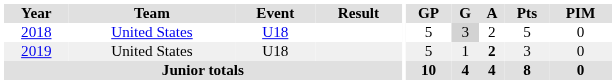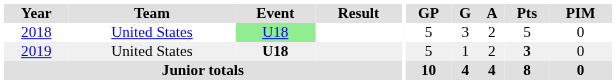 <table border="0" cellpadding="1" cellspacing="0" ID="Table3" style="text-align:center; width:40em">
 <tr ALIGN="center" bgcolor="#e0e0e0">
 <th>Year</th>
 <th>Team</th>
 <th>Event</th>
 <th>Result</th>
 <th rowspan="99" bgcolor="#ffffff"></th>
 <th>GP</th>
 <th>G</th>
 <th>A</th>
 <th>Pts</th>
 <th>PIM</th>
 </tr>
 <tr>
 <td><a href='#'>2018</a></td>
 <td><a href='#'>United States</a></td>
-<td><a href='#'>U18</a></td>
+<td style="background: lightgreen;"><a href='#'>U18</a></td>
 <td></td>
 <td>5</td>
-<td style="background: lightgrey;">3</td>
+<td>3</td>
 <td>2</td>
 <td>5</td>
 <td>0</td>
 </tr>
 <tr bgcolor="#f0f0f0">
 <td><a href='#'>2019</a></td>
 <td>United States</td>
-<td>U18</td>
+<td><strong>U18</strong></td>
 <td></td>
 <td>5</td>
 <td>1</td>
-<td><strong>2</strong></td>
-<td>3</td>
+<td>2</td>
+<td><strong>3</strong></td>
 <td>0</td>
 </tr>
 <tr bgcolor="#e0e0e0">
 <th colspan="4">Junior totals</th>
 <th>10</th>
 <th>4</th>
 <th>4</th>
 <th>8</th>
 <th>0</th>
 </tr>
 </table>
